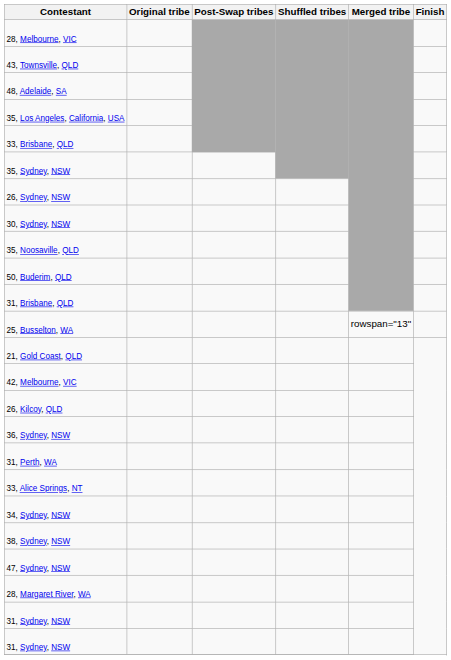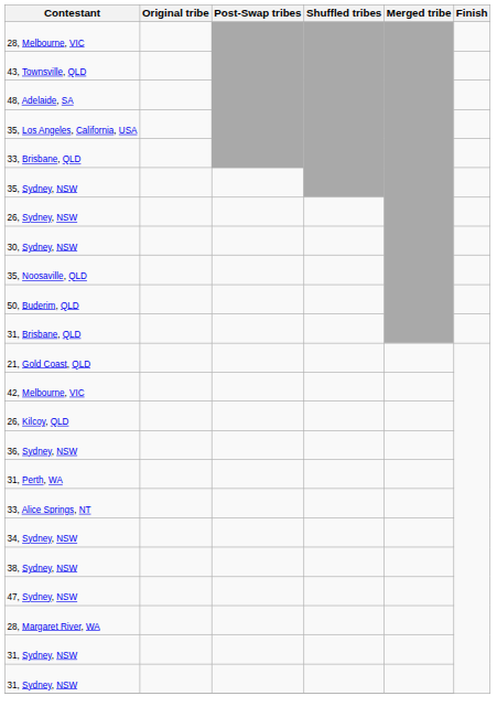 <table class="wikitable sortable" style="text-align:center;">
 <tr>
 <th>Contestant</th>
 <th>Original tribe</th>
 <th>Post-Swap tribes</th>
 <th>Shuffled tribes</th>
 <th>Merged tribe</th>
 <th>Finish</th>
 </tr>
 <tr>
 <td style="text-align:left"><strong></strong><br><small>28, <a href='#'>Melbourne</a>, <a href='#'>VIC</a></small></td>
 <td></td>
 <td style="background:darkgrey;" rowspan="5"></td>
 <td style="background:darkgrey;" rowspan="6"></td>
 <td style="background:darkgrey;" rowspan="11"></td>
 <td></td>
 </tr>
 <tr>
 <td style="text-align:left"><strong></strong><br><small>43, <a href='#'>Townsville</a>, <a href='#'>QLD</a></small></td>
 <td></td>
 <td></td>
 </tr>
 <tr>
 <td style="text-align:left"><strong></strong><br><small>48, <a href='#'>Adelaide</a>, <a href='#'>SA</a></small></td>
 <td></td>
 <td></td>
 </tr>
 <tr>
 <td style="text-align:left"><strong></strong><br><small>35, <a href='#'>Los Angeles</a>, <a href='#'>California</a>, <a href='#'>USA</a></small></td>
 <td></td>
 <td></td>
 </tr>
 <tr>
 <td style="text-align:left"><strong></strong><br><small>33, <a href='#'>Brisbane</a>, <a href='#'>QLD</a></small></td>
 <td></td>
 <td></td>
 </tr>
 <tr>
 <td style="text-align:left"><strong></strong><br><small>35, <a href='#'>Sydney</a>, <a href='#'>NSW</a></small></td>
 <td></td>
 <td></td>
 <td></td>
 </tr>
 <tr>
 <td style="text-align:left"><strong></strong><br><small>26, <a href='#'>Sydney</a>, <a href='#'>NSW</a></small></td>
 <td></td>
 <td></td>
 <td></td>
 <td></td>
 </tr>
 <tr>
 <td style="text-align:left"><strong></strong><br><small>30, <a href='#'>Sydney</a>, <a href='#'>NSW</a></small></td>
 <td></td>
 <td></td>
 <td></td>
 <td></td>
 </tr>
 <tr>
 <td style="text-align:left"><strong></strong><br><small>35, <a href='#'>Noosaville</a>, <a href='#'>QLD</a></small></td>
 <td></td>
 <td></td>
 <td></td>
 <td></td>
 </tr>
 <tr>
 <td style="text-align:left"><strong></strong><br><small>50, <a href='#'>Buderim</a>, <a href='#'>QLD</a></small></td>
 <td></td>
 <td></td>
 <td></td>
 <td></td>
 </tr>
 <tr>
 <td style="text-align:left"><strong></strong><br><small>31, <a href='#'>Brisbane</a>, <a href='#'>QLD</a></small></td>
 <td></td>
 <td></td>
 <td></td>
-<td></td>
-</tr>
-<tr>
-<td style="text-align:left"><strong></strong><br><small>25, <a href='#'>Busselton</a>, <a href='#'>WA</a></small></td>
-<td></td>
-<td></td>
-<td></td>
-<td>rowspan="13" </td>
 <td></td>
 </tr>
 <tr>
 <td style="text-align:left"><strong></strong><br><small>21, <a href='#'>Gold Coast</a>, <a href='#'>QLD</a></small></td>
 <td></td>
 <td></td>
 <td></td>
 <td></td>
 </tr>
 <tr>
 <td style="text-align:left"><strong></strong><br><small>42, <a href='#'>Melbourne</a>, <a href='#'>VIC</a></small></td>
 <td></td>
 <td></td>
 <td></td>
 <td></td>
 </tr>
 <tr>
 <td style="text-align:left"><strong></strong><br><small>26, <a href='#'>Kilcoy</a>, <a href='#'>QLD</a></small></td>
 <td></td>
 <td></td>
 <td></td>
 <td></td>
 </tr>
 <tr>
 <td style="text-align:left"><strong></strong><br><small>36, <a href='#'>Sydney</a>, <a href='#'>NSW</a></small></td>
 <td></td>
 <td></td>
 <td></td>
 <td></td>
 </tr>
 <tr>
 <td style="text-align:left"><strong></strong><br><small>31, <a href='#'>Perth</a>, <a href='#'>WA</a></small></td>
 <td></td>
 <td></td>
 <td></td>
 <td></td>
 </tr>
 <tr>
 <td style="text-align:left"><strong></strong><br><small>33, <a href='#'>Alice Springs</a>, <a href='#'>NT</a></small></td>
 <td></td>
 <td></td>
 <td></td>
 <td></td>
 </tr>
 <tr>
 <td style="text-align:left"><strong></strong><br><small>34, <a href='#'>Sydney</a>, <a href='#'>NSW</a></small></td>
 <td></td>
 <td></td>
 <td></td>
 <td></td>
 </tr>
 <tr>
 <td style="text-align:left"><strong></strong><br><small>38, <a href='#'>Sydney</a>, <a href='#'>NSW</a></small></td>
 <td></td>
 <td></td>
 <td></td>
 <td></td>
 </tr>
 <tr>
 <td style="text-align:left"><strong></strong><br><small>47, <a href='#'>Sydney</a>, <a href='#'>NSW</a></small></td>
 <td></td>
 <td></td>
 <td></td>
 <td></td>
 </tr>
 <tr>
 <td style="text-align:left"><strong></strong><br><small>28, <a href='#'>Margaret River</a>, <a href='#'>WA</a></small></td>
 <td></td>
 <td></td>
 <td></td>
 <td></td>
 </tr>
 <tr>
 <td style="text-align:left"><strong></strong><br><small>31, <a href='#'>Sydney</a>, <a href='#'>NSW</a></small></td>
 <td></td>
 <td></td>
 <td></td>
 <td></td>
 </tr>
 <tr>
 <td style="text-align:left"><strong></strong><br><small>31, <a href='#'>Sydney</a>, <a href='#'>NSW</a></small></td>
 <td></td>
 <td></td>
 <td></td>
 <td></td>
 </tr>
 <tr>
 </tr>
 </table>
